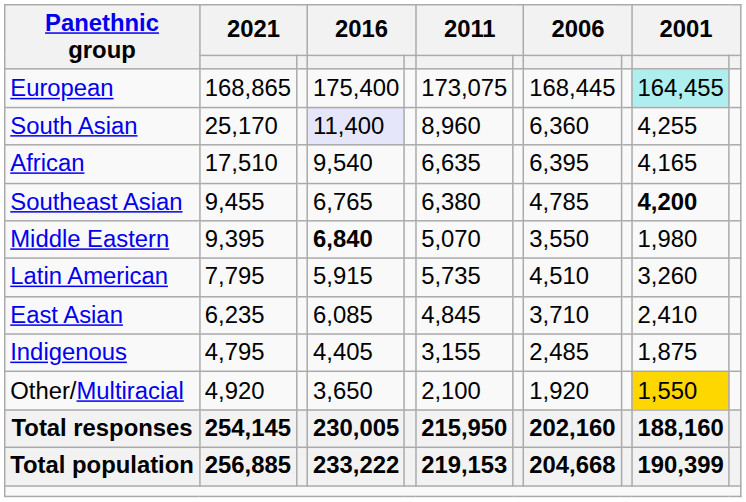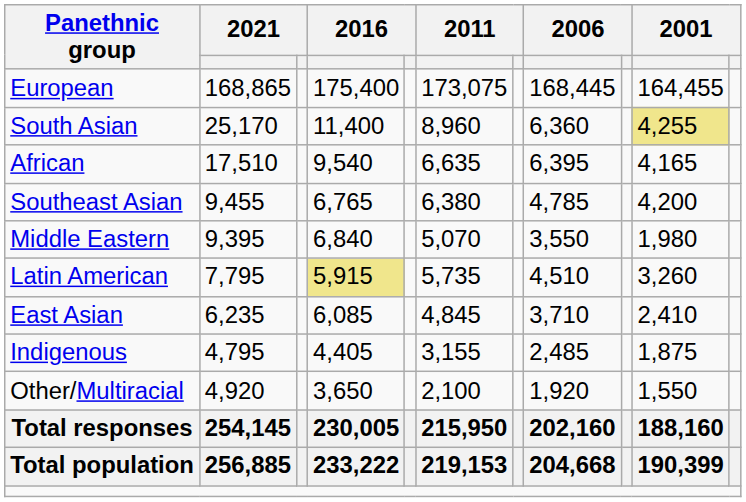 <table class="wikitable collapsible sortable">
 <tr>
 <th rowspan="2"><a href='#'>Panethnic</a><br>group</th>
 <th colspan="2">2021</th>
 <th colspan="2">2016</th>
 <th colspan="2">2011</th>
 <th colspan="2">2006</th>
 <th colspan="2">2001</th>
 </tr>
 <tr>
 <th><a href='#'></a></th>
 <th></th>
 <th></th>
 <th></th>
 <th></th>
 <th></th>
 <th></th>
 <th></th>
 <th></th>
 <th></th>
 </tr>
 <tr>
 <td><a href='#'>European</a></td>
 <td>168,865</td>
 <td></td>
 <td>175,400</td>
 <td></td>
 <td>173,075</td>
 <td></td>
 <td>168,445</td>
 <td></td>
-<td style="background: paleturquoise;">164,455</td>
+<td>164,455</td>
 <td></td>
 </tr>
 <tr>
 <td><a href='#'>South Asian</a></td>
 <td>25,170</td>
 <td></td>
-<td style="background: lavender;">11,400</td>
+<td>11,400</td>
 <td></td>
 <td>8,960</td>
 <td></td>
 <td>6,360</td>
 <td></td>
-<td>4,255</td>
+<td style="background: khaki;">4,255</td>
 <td></td>
 </tr>
 <tr>
 <td><a href='#'>African</a></td>
 <td>17,510</td>
 <td></td>
 <td>9,540</td>
 <td></td>
 <td>6,635</td>
 <td></td>
 <td>6,395</td>
 <td></td>
 <td>4,165</td>
 <td></td>
 </tr>
 <tr>
 <td><a href='#'>Southeast Asian</a></td>
 <td>9,455</td>
 <td></td>
 <td>6,765</td>
 <td></td>
 <td>6,380</td>
 <td></td>
 <td>4,785</td>
 <td></td>
-<td><strong>4,200</strong></td>
+<td>4,200</td>
 <td></td>
 </tr>
 <tr>
 <td><a href='#'>Middle Eastern</a></td>
 <td>9,395</td>
 <td></td>
-<td><strong>6,840</strong></td>
+<td>6,840</td>
 <td></td>
 <td>5,070</td>
 <td></td>
 <td>3,550</td>
 <td></td>
 <td>1,980</td>
 <td></td>
 </tr>
 <tr>
 <td><a href='#'>Latin American</a></td>
 <td>7,795</td>
 <td></td>
-<td>5,915</td>
+<td style="background: khaki;">5,915</td>
 <td></td>
 <td>5,735</td>
 <td></td>
 <td>4,510</td>
 <td></td>
 <td>3,260</td>
 <td></td>
 </tr>
 <tr>
 <td><a href='#'>East Asian</a></td>
 <td>6,235</td>
 <td></td>
 <td>6,085</td>
 <td></td>
 <td>4,845</td>
 <td></td>
 <td>3,710</td>
 <td></td>
 <td>2,410</td>
 <td></td>
 </tr>
 <tr>
 <td><a href='#'>Indigenous</a></td>
 <td>4,795</td>
 <td></td>
 <td>4,405</td>
 <td></td>
 <td>3,155</td>
 <td></td>
 <td>2,485</td>
 <td></td>
 <td>1,875</td>
 <td></td>
 </tr>
 <tr>
 <td>Other/<a href='#'>Multiracial</a></td>
 <td>4,920</td>
 <td></td>
 <td>3,650</td>
 <td></td>
 <td>2,100</td>
 <td></td>
 <td>1,920</td>
 <td></td>
-<td style="background: gold;">1,550</td>
+<td>1,550</td>
 <td></td>
 </tr>
 <tr>
 <th>Total responses</th>
 <th>254,145</th>
 <th></th>
 <th>230,005</th>
 <th></th>
 <th>215,950</th>
 <th></th>
 <th>202,160</th>
 <th></th>
 <th>188,160</th>
 <th></th>
 </tr>
 <tr>
 <th>Total population</th>
 <th>256,885</th>
 <th></th>
 <th>233,222</th>
 <th></th>
 <th>219,153</th>
 <th></th>
 <th>204,668</th>
 <th></th>
 <th>190,399</th>
 <th></th>
 </tr>
 <tr class="sortbottom">
 <td colspan="15"></td>
 </tr>
 </table>
